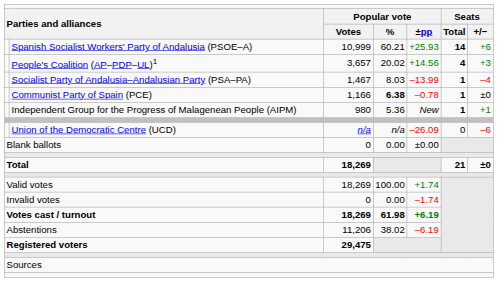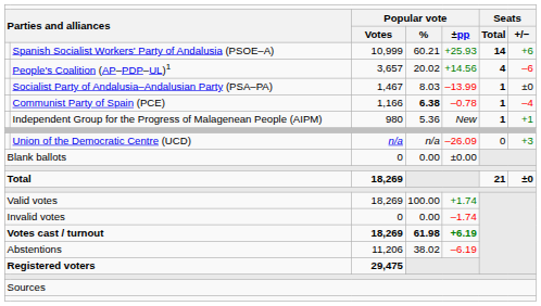 <table class="wikitable" style="text-align:right;">
 <tr>
 <td colspan="7"></td>
 </tr>
 <tr>
 <th style="text-align:left;" rowspan="2" colspan="2" width="525">Parties and alliances</th>
 <th colspan="3">Popular vote</th>
 <th colspan="2">Seats</th>
 </tr>
 <tr>
 <th width="75">Votes</th>
 <th width="45">%</th>
 <th width="45">±<a href='#'>pp</a></th>
 <th width="35">Total</th>
 <th width="35">+/−</th>
 </tr>
 <tr>
 <td width="1" style="color:inherit;background:"></td>
 <td align="left"><a href='#'>Spanish Socialist Workers' Party of Andalusia</a> (PSOE–A)</td>
 <td>10,999</td>
 <td>60.21</td>
 <td style="color:green;">+25.93</td>
 <td><strong>14</strong></td>
 <td style="color:green;">+6</td>
 </tr>
 <tr>
 <td style="color:inherit;background:"></td>
 <td align="left"><a href='#'>People's Coalition</a> (<a href='#'>AP</a>–<a href='#'>PDP</a>–<a href='#'>UL</a>)<sup>1</sup></td>
 <td>3,657</td>
 <td>20.02</td>
 <td style="color:green;">+14.56</td>
 <td><strong>4</strong></td>
-<td style="color:green;">+3</td>
+<td style="color:red;">–6</td>
 </tr>
 <tr>
 <td style="color:inherit;background:"></td>
 <td align="left"><a href='#'>Socialist Party of Andalusia–Andalusian Party</a> (PSA–PA)</td>
 <td>1,467</td>
 <td>8.03</td>
 <td style="color:red;">–13.99</td>
 <td><strong>1</strong></td>
-<td style="color:red;">–4</td>
+<td>±0</td>
 </tr>
 <tr>
 <td style="color:inherit;background:"></td>
 <td align="left"><a href='#'>Communist Party of Spain</a> (PCE)</td>
 <td>1,166</td>
 <td><strong>6.38</strong></td>
 <td style="color:red;">–0.78</td>
 <td><strong>1</strong></td>
-<td>±0</td>
+<td style="color:red;">–4</td>
 </tr>
 <tr>
 <td style="color:inherit;background:"></td>
 <td align="left">Independent Group for the Progress of Malagenean People (AIPM)</td>
 <td>980</td>
 <td>5.36</td>
 <td><em>New</em></td>
 <td><strong>1</strong></td>
 <td style="color:green;">+1</td>
 </tr>
 <tr>
 <td colspan="7" bgcolor="#C0C0C0"></td>
 </tr>
 <tr>
 <td style="color:inherit;background:"></td>
 <td align="left"><a href='#'>Union of the Democratic Centre</a> (UCD)</td>
 <td><em><a href='#'>n/a</a></em></td>
 <td><em>n/a</em></td>
 <td style="color:red;">–26.09</td>
 <td>0</td>
-<td style="color:red;">–6</td>
+<td style="color:green;">+3</td>
 </tr>
 <tr>
 <td align="left" colspan="2">Blank ballots</td>
 <td>0</td>
 <td>0.00</td>
 <td>±0.00</td>
 <td bgcolor="#E9E9E9" colspan="2"></td>
 </tr>
 <tr>
 <td colspan="7" bgcolor="#E9E9E9"></td>
 </tr>
 <tr style="font-weight:bold;">
 <td align="left" colspan="2">Total</td>
 <td>18,269</td>
 <td bgcolor="#E9E9E9" colspan="2"></td>
 <td>21</td>
 <td>±0</td>
 </tr>
 <tr>
 <td colspan="7" bgcolor="#E9E9E9"></td>
 </tr>
 <tr>
 <td align="left" colspan="2">Valid votes</td>
 <td>18,269</td>
 <td>100.00</td>
 <td style="color:green;">+1.74</td>
 <td bgcolor="#E9E9E9" colspan="2" rowspan="5"></td>
 </tr>
 <tr>
 <td align="left" colspan="2">Invalid votes</td>
 <td>0</td>
 <td>0.00</td>
 <td style="color:red;">–1.74</td>
 </tr>
 <tr style="font-weight:bold;">
 <td align="left" colspan="2">Votes cast / turnout</td>
 <td>18,269</td>
 <td>61.98</td>
 <td style="color:green;">+6.19</td>
 </tr>
 <tr>
 <td align="left" colspan="2">Abstentions</td>
 <td>11,206</td>
 <td>38.02</td>
 <td style="color:red;">–6.19</td>
 </tr>
 <tr style="font-weight:bold;">
 <td align="left" colspan="2">Registered voters</td>
 <td>29,475</td>
 <td bgcolor="#E9E9E9" colspan="2"></td>
 </tr>
 <tr>
 <td colspan="7" bgcolor="#E9E9E9"></td>
 </tr>
 <tr>
 <td align="left" colspan="7">Sources</td>
 </tr>
 <tr>
 <td colspan="7" style="text-align:left; max-width:790px;"></td>
 </tr>
 </table>
